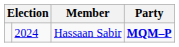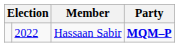 <table class="wikitable">
 <tr>
 <th colspan="2">Election</th>
 <th>Member</th>
 <th>Party</th>
 </tr>
 <tr>
 <td style="background-color: "></td>
-<td><a href='#'>2024</a></td>
+<td><a href='#'>2022</a></td>
 <td><a href='#'>Hassaan Sabir</a></td>
 <td><strong><a href='#'>MQM–P</a></strong></td>
 </tr>
 </table>
